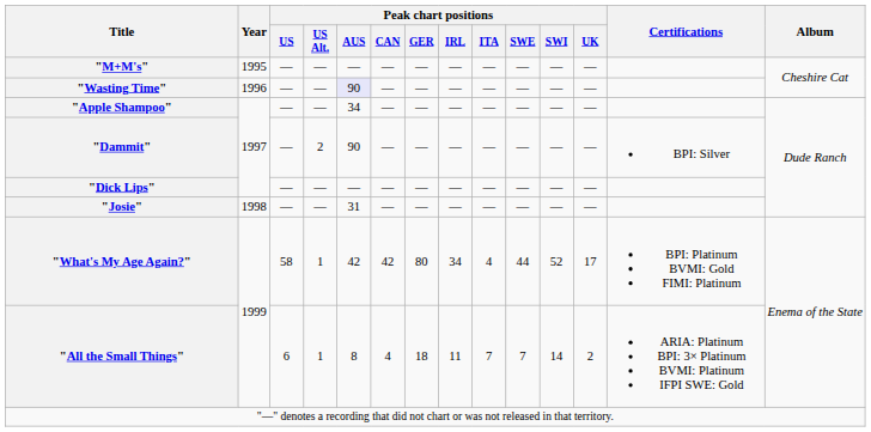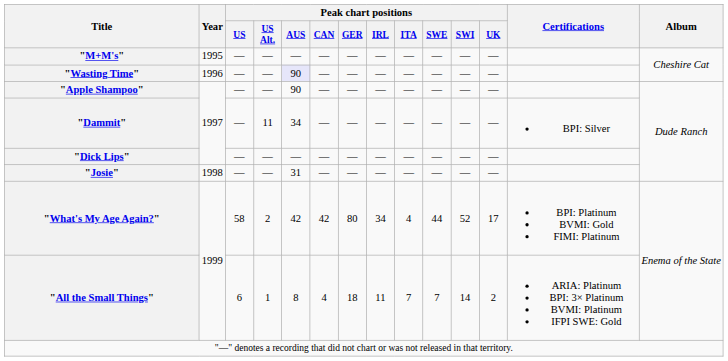 <table class="wikitable plainrowheaders" style="text-align:center;">
 <tr>
 <th scope="col" rowspan="2" style="width:18em;">Title</th>
 <th scope="col" rowspan="2">Year</th>
 <th scope="col" colspan="10">Peak chart positions</th>
 <th scope="col" rowspan="2" style="width:12em;"><a href='#'>Certifications</a></th>
 <th scope="col" rowspan="2">Album</th>
 </tr>
 <tr>
 <th scope="col" style="width:2.5em;font-size:90%;"><a href='#'>US</a><br></th>
 <th scope="col" style="width:2.5em;font-size:90%;"><a href='#'>US<br>Alt.</a><br></th>
 <th scope="col" style="width:2.5em;font-size:90%;"><a href='#'>AUS</a><br></th>
 <th scope="col" style="width:2.5em;font-size:90%;"><a href='#'>CAN</a><br></th>
 <th scope="col" style="width:2.5em;font-size:90%;"><a href='#'>GER</a><br></th>
 <th scope="col" style="width:2.5em;font-size:90%;"><a href='#'>IRL</a><br></th>
 <th scope="col" style="width:2.5em;font-size:90%;"><a href='#'>ITA</a><br></th>
 <th scope="col" style="width:2.5em;font-size:90%;"><a href='#'>SWE</a><br></th>
 <th scope="col" style="width:2.5em;font-size:90%;"><a href='#'>SWI</a><br></th>
 <th scope="col" style="width:2.5em;font-size:90%;"><a href='#'>UK</a><br></th>
 </tr>
 <tr>
 <th scope="row">"<a href='#'>M+M's</a>"</th>
 <td>1995</td>
 <td>—</td>
 <td>—</td>
 <td>—</td>
 <td>—</td>
 <td>—</td>
 <td>—</td>
 <td>—</td>
 <td>—</td>
 <td>—</td>
 <td>—</td>
 <td></td>
 <td rowspan="2"><em>Cheshire Cat</em></td>
 </tr>
 <tr>
 <th scope="row">"<a href='#'>Wasting Time</a>"</th>
 <td>1996</td>
 <td>—</td>
 <td>—</td>
 <td style="background: lavender;">90</td>
 <td>—</td>
 <td>—</td>
 <td>—</td>
 <td>—</td>
 <td>—</td>
 <td>—</td>
 <td>—</td>
 <td></td>
 </tr>
 <tr>
 <th scope="row">"<a href='#'>Apple Shampoo</a>"</th>
 <td rowspan="3">1997</td>
 <td>—</td>
 <td>—</td>
-<td>34</td>
+<td>90</td>
 <td>—</td>
 <td>—</td>
 <td>—</td>
 <td>—</td>
 <td>—</td>
 <td>—</td>
 <td>—</td>
 <td></td>
 <td rowspan="4"><em>Dude Ranch</em></td>
 </tr>
 <tr>
 <th scope="row">"<a href='#'>Dammit</a>"</th>
 <td>—</td>
-<td>2</td>
-<td>90</td>
+<td>11</td>
+<td>34</td>
 <td>—</td>
 <td>—</td>
 <td>—</td>
 <td>—</td>
 <td>—</td>
 <td>—</td>
 <td>—</td>
 <td><br><ul><li>BPI: Silver</li></ul></td>
 </tr>
 <tr>
 <th scope="row">"<a href='#'>Dick Lips</a>"</th>
 <td>—</td>
 <td>—</td>
 <td>—</td>
 <td>—</td>
 <td>—</td>
 <td>—</td>
 <td>—</td>
 <td>—</td>
 <td>—</td>
 <td>—</td>
 <td></td>
 </tr>
 <tr>
 <th scope="row">"<a href='#'>Josie</a>"</th>
 <td>1998</td>
 <td>—</td>
 <td>—</td>
 <td>31</td>
 <td>—</td>
 <td>—</td>
 <td>—</td>
 <td>—</td>
 <td>—</td>
 <td>—</td>
 <td>—</td>
 <td></td>
 </tr>
 <tr>
 <th scope="row">"<a href='#'>What's My Age Again?</a>"</th>
 <td rowspan="2">1999</td>
 <td>58</td>
-<td>1</td>
+<td>2</td>
 <td>42</td>
 <td>42</td>
 <td>80</td>
 <td>34</td>
 <td>4</td>
 <td>44</td>
 <td>52</td>
 <td>17</td>
 <td><br><ul><li>BPI: Platinum</li><li>BVMI: Gold</li><li>FIMI: Platinum</li></ul></td>
 <td rowspan="2"><em>Enema of the State</em></td>
 </tr>
 <tr>
 <th scope="row">"<a href='#'>All the Small Things</a>"</th>
 <td>6</td>
 <td>1</td>
 <td>8</td>
 <td>4</td>
 <td>18</td>
 <td>11</td>
 <td>7</td>
 <td>7</td>
 <td>14</td>
 <td>2</td>
 <td><br><ul><li>ARIA: Platinum</li><li>BPI: 3× Platinum</li><li>BVMI: Platinum</li><li>IFPI SWE: Gold</li></ul></td>
 </tr>
 <tr>
 <td colspan="15" style="font-size:90%">"—" denotes a recording that did not chart or was not released in that territory.</td>
 </tr>
 </table>
